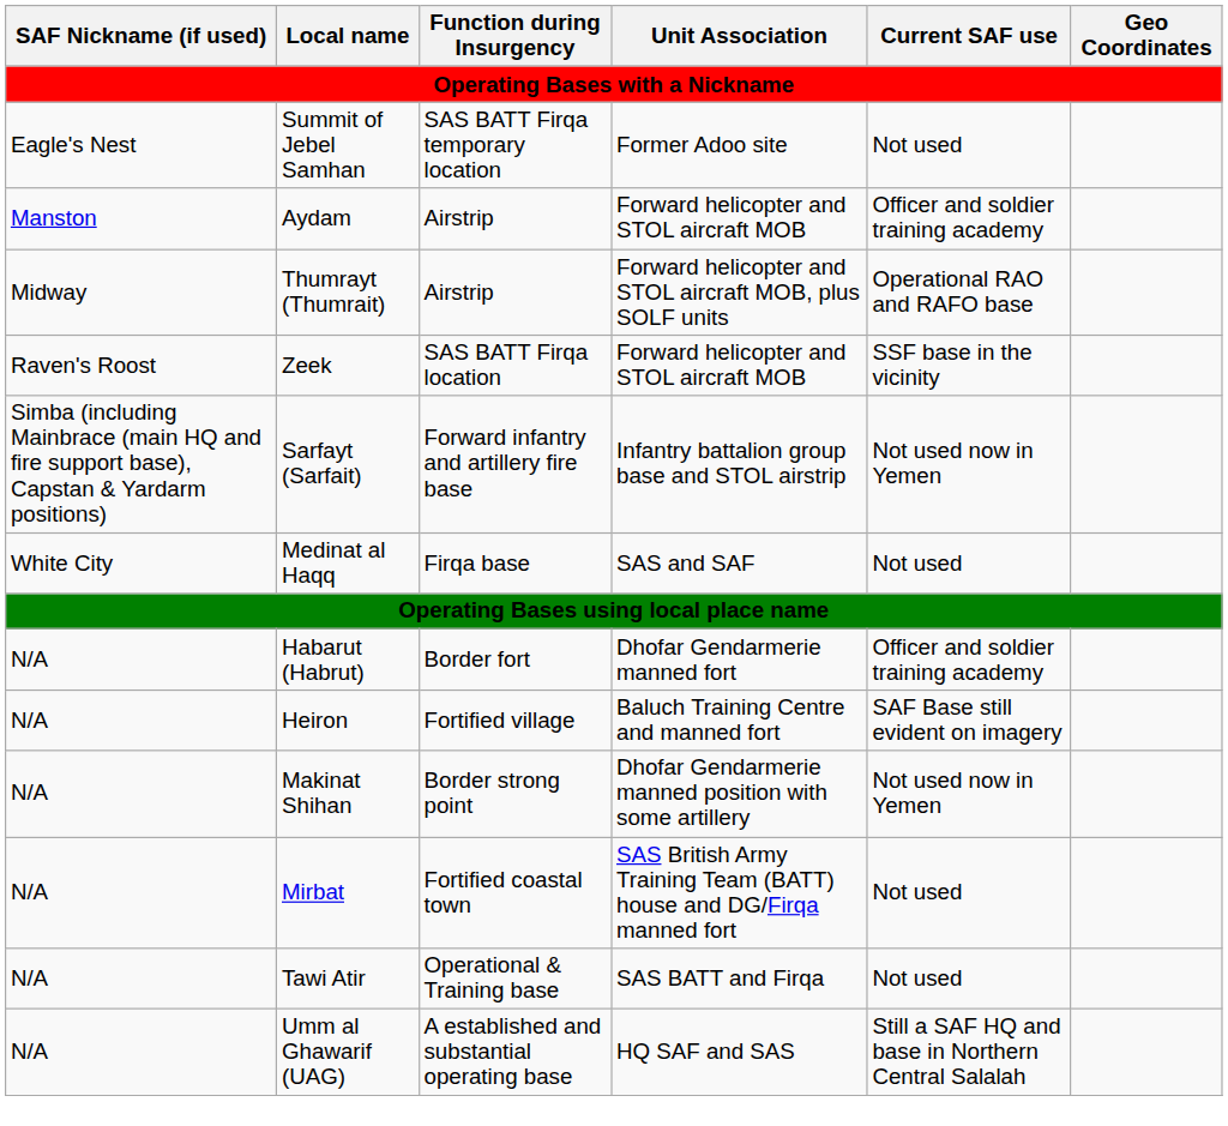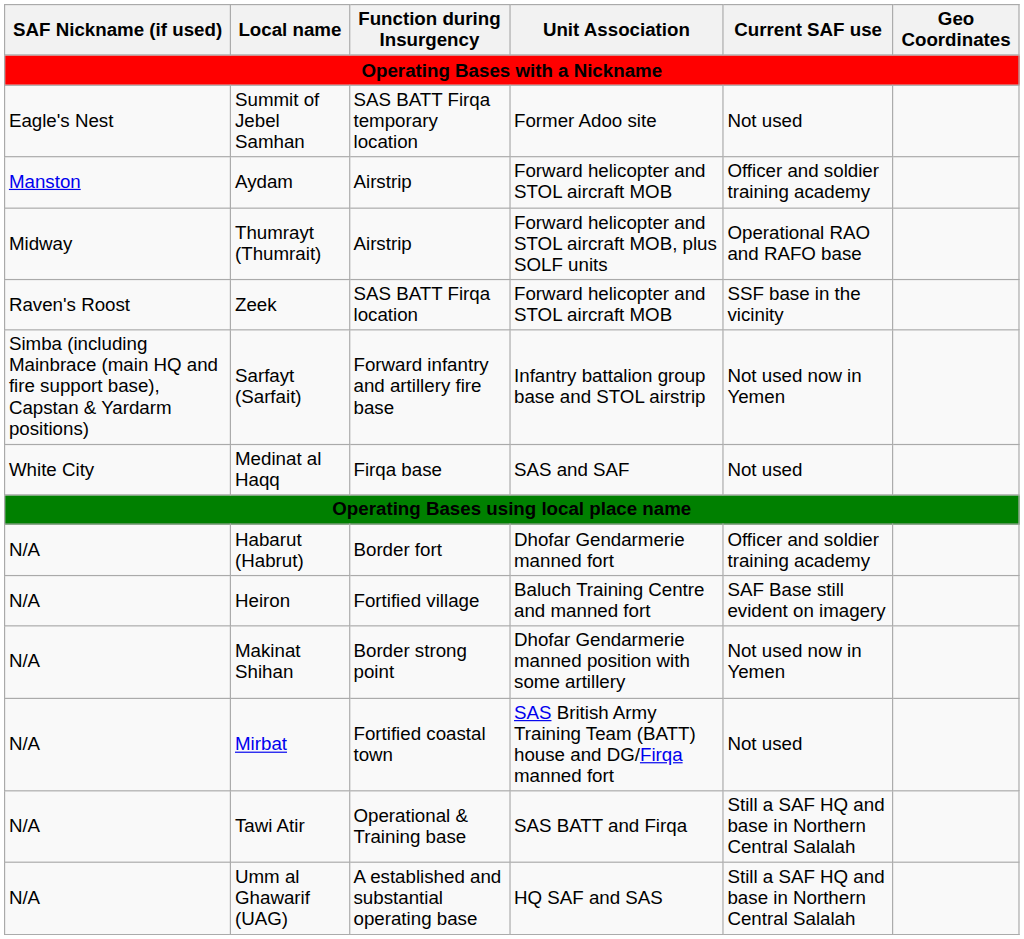 <table class="wikitable">
 <tr>
 <th style="text-align: center;">SAF Nickname (if used)</th>
 <th style="text-align: center;">Local name</th>
 <th style="text-align: center;">Function during Insurgency</th>
 <th style="text-align: center;">Unit Association</th>
 <th style="text-align: center;">Current SAF use</th>
 <th style="text-align: center;">Geo Coordinates</th>
 </tr>
 <tr>
 <th style="align: center; background: red;" colspan="11"><strong>Operating Bases with a Nickname</strong></th>
 </tr>
 <tr>
 <td>Eagle's Nest</td>
 <td>Summit of Jebel Samhan</td>
 <td>SAS BATT Firqa temporary location</td>
 <td>Former Adoo site</td>
 <td>Not used</td>
 <td></td>
 </tr>
 <tr>
 <td><a href='#'>Manston</a></td>
 <td>Aydam</td>
 <td>Airstrip</td>
 <td>Forward helicopter and STOL aircraft MOB</td>
 <td>Officer and soldier training academy</td>
 <td></td>
 </tr>
 <tr>
 <td>Midway</td>
 <td>Thumrayt (Thumrait)</td>
 <td>Airstrip</td>
 <td>Forward helicopter and STOL aircraft MOB, plus SOLF units</td>
 <td>Operational RAO and RAFO base</td>
 <td></td>
 </tr>
 <tr>
 <td>Raven's Roost</td>
 <td>Zeek</td>
 <td>SAS BATT Firqa location</td>
 <td>Forward helicopter and STOL aircraft MOB</td>
 <td>SSF base in the vicinity</td>
 <td></td>
 </tr>
 <tr>
 <td>Simba (including Mainbrace (main HQ and fire support base), Capstan & Yardarm positions)</td>
 <td>Sarfayt (Sarfait)</td>
 <td>Forward infantry and artillery fire base</td>
 <td>Infantry battalion group base and STOL airstrip</td>
 <td>Not used now in Yemen</td>
 <td></td>
 </tr>
 <tr>
 <td>White City</td>
 <td>Medinat al Haqq</td>
 <td>Firqa base</td>
 <td>SAS and SAF</td>
 <td>Not used</td>
 <td></td>
 </tr>
 <tr>
 <th style="align: center; background: green;" colspan="11"><strong>Operating Bases using local place name</strong></th>
 </tr>
 <tr>
 <td>N/A</td>
 <td>Habarut (Habrut)</td>
 <td>Border fort</td>
 <td>Dhofar Gendarmerie manned fort</td>
 <td>Officer and soldier training academy</td>
 <td></td>
 </tr>
 <tr>
 <td>N/A</td>
 <td>Heiron</td>
 <td>Fortified village</td>
 <td>Baluch Training Centre and manned fort</td>
 <td>SAF Base still evident on imagery</td>
 <td></td>
 </tr>
 <tr>
 <td>N/A</td>
 <td>Makinat Shihan</td>
 <td>Border strong point</td>
 <td>Dhofar Gendarmerie manned position with some artillery</td>
 <td>Not used now in Yemen</td>
 <td></td>
 </tr>
 <tr>
 <td>N/A</td>
 <td><a href='#'>Mirbat</a></td>
 <td>Fortified coastal town</td>
 <td><a href='#'>SAS</a> British Army Training Team (BATT) house and DG/<a href='#'>Firqa</a> manned fort</td>
 <td>Not used</td>
 <td></td>
 </tr>
 <tr>
 <td>N/A</td>
 <td>Tawi Atir</td>
 <td>Operational & Training base</td>
 <td>SAS BATT and Firqa</td>
-<td>Not used</td>
+<td>Still a SAF HQ and base in Northern Central Salalah</td>
 <td></td>
 </tr>
 <tr>
 <td>N/A</td>
 <td>Umm al Ghawarif (UAG)</td>
 <td>A established and substantial operating base</td>
 <td>HQ SAF and SAS</td>
 <td>Still a SAF HQ and base in Northern Central Salalah</td>
 <td></td>
 </tr>
 <tr>
 </tr>
 </table>
